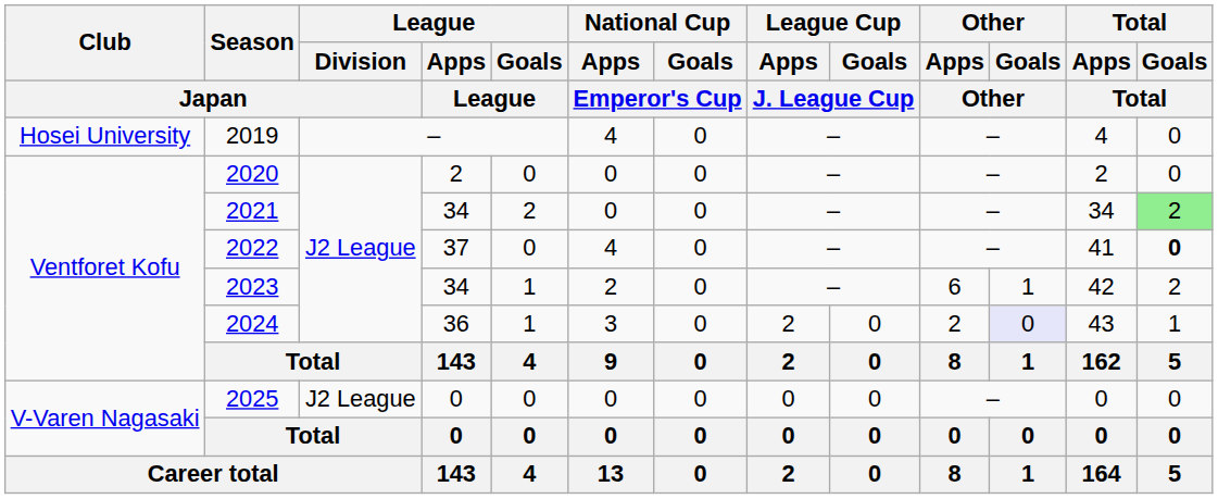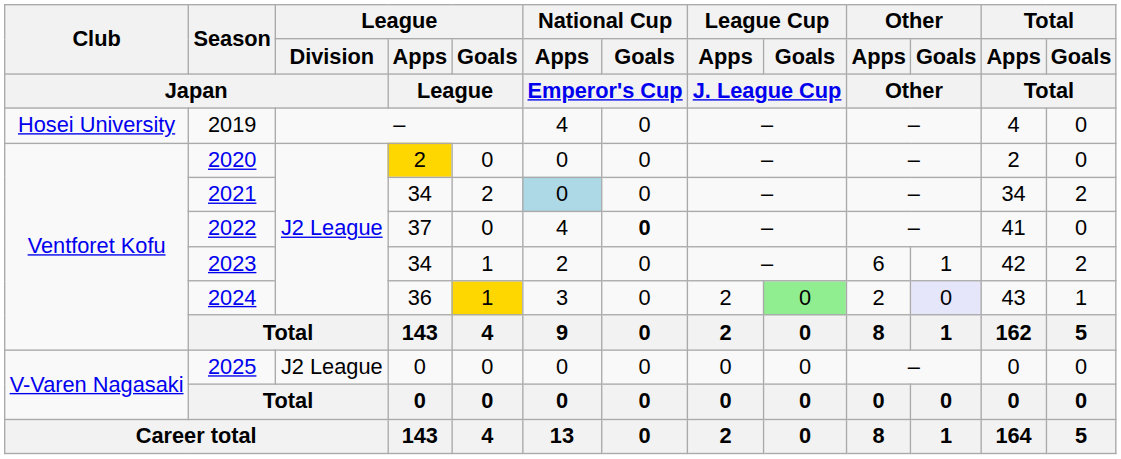 <table class="wikitable" style="text-align:center">
 <tr>
 <th rowspan=2>Club</th>
 <th rowspan=2>Season</th>
 <th colspan=3>League</th>
 <th colspan=2>National Cup</th>
 <th colspan=2>League Cup</th>
 <th colspan=2>Other</th>
 <th colspan=2>Total</th>
 </tr>
 <tr>
 <th>Division</th>
 <th>Apps</th>
 <th>Goals</th>
 <th>Apps</th>
 <th>Goals</th>
 <th>Apps</th>
 <th>Goals</th>
 <th>Apps</th>
 <th>Goals</th>
 <th>Apps</th>
 <th>Goals</th>
 </tr>
 <tr>
 <th colspan=3>Japan</th>
 <th colspan=2>League</th>
 <th colspan=2><a href='#'>Emperor's Cup</a></th>
 <th colspan=2><a href='#'>J. League Cup</a></th>
 <th colspan=2>Other</th>
 <th colspan=2>Total</th>
 </tr>
 <tr>
 <td><a href='#'>Hosei University</a></td>
 <td>2019</td>
 <td colspan="3">–</td>
 <td>4</td>
 <td>0</td>
 <td colspan="2">–</td>
 <td colspan="2">–</td>
 <td>4</td>
 <td>0</td>
 </tr>
 <tr>
 <td rowspan="6"><a href='#'>Ventforet Kofu</a></td>
 <td><a href='#'>2020</a></td>
 <td rowspan="5"><a href='#'>J2 League</a></td>
-<td>2</td>
+<td style="background: gold;">2</td>
 <td>0</td>
 <td>0</td>
 <td>0</td>
 <td colspan="2">–</td>
 <td colspan="2">–</td>
 <td>2</td>
 <td>0</td>
 </tr>
 <tr>
 <td><a href='#'>2021</a></td>
 <td>34</td>
 <td>2</td>
-<td>0</td>
+<td style="background: lightblue;">0</td>
 <td>0</td>
 <td colspan="2">–</td>
 <td colspan="2">–</td>
 <td>34</td>
-<td style="background: lightgreen;">2</td>
+<td>2</td>
 </tr>
 <tr>
 <td><a href='#'>2022</a></td>
 <td>37</td>
 <td>0</td>
 <td>4</td>
-<td>0</td>
+<td><strong>0</strong></td>
 <td colspan="2">–</td>
 <td colspan="2">–</td>
 <td>41</td>
-<td><strong>0</strong></td>
+<td>0</td>
 </tr>
 <tr>
 <td><a href='#'>2023</a></td>
 <td>34</td>
 <td>1</td>
 <td>2</td>
 <td>0</td>
 <td colspan="2">–</td>
 <td>6</td>
 <td>1</td>
 <td>42</td>
 <td>2</td>
 </tr>
 <tr>
 <td><a href='#'>2024</a></td>
 <td>36</td>
-<td>1</td>
+<td style="background: gold;">1</td>
 <td>3</td>
 <td>0</td>
 <td>2</td>
-<td>0</td>
+<td style="background: lightgreen;">0</td>
 <td>2</td>
 <td style="background: lavender;">0</td>
 <td>43</td>
 <td>1</td>
 </tr>
 <tr>
 <th colspan="2">Total</th>
 <th>143</th>
 <th>4</th>
 <th>9</th>
 <th>0</th>
 <th>2</th>
 <th>0</th>
 <th>8</th>
 <th>1</th>
 <th>162</th>
 <th>5</th>
 </tr>
 <tr>
 <td rowspan="2"><a href='#'>V-Varen Nagasaki</a></td>
 <td><a href='#'>2025</a></td>
 <td>J2 League</td>
 <td>0</td>
 <td>0</td>
 <td>0</td>
 <td>0</td>
 <td>0</td>
 <td>0</td>
 <td colspan="2">–</td>
 <td>0</td>
 <td>0</td>
 </tr>
 <tr>
 <th colspan="2">Total</th>
 <th>0</th>
 <th>0</th>
 <th>0</th>
 <th>0</th>
 <th>0</th>
 <th>0</th>
 <th>0</th>
 <th>0</th>
 <th>0</th>
 <th>0</th>
 </tr>
 <tr>
 <th colspan=3>Career total</th>
 <th>143</th>
 <th>4</th>
 <th>13</th>
 <th>0</th>
 <th>2</th>
 <th>0</th>
 <th>8</th>
 <th>1</th>
 <th>164</th>
 <th>5</th>
 </tr>
 </table>
